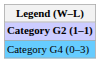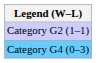 <table class="wikitable" style=font-size:85%>
 <tr>
 <th>Legend (W–L)</th>
 </tr>
 <tr style="background:#ccf;">
-<td><strong>Category G2 (1–1)</strong></td>
+<td>Category G2 (1–1)</td>
 </tr>
 <tr style="background:#6cf;">
 <td>Category G4 (0–3)</td>
 </tr>
 </table>
